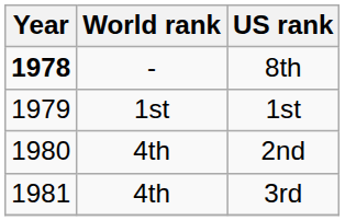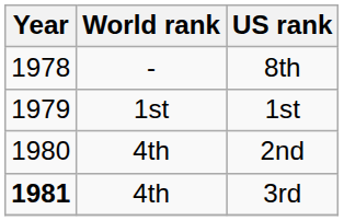 <table class=wikitable>
 <tr>
 <th>Year</th>
 <th>World rank</th>
 <th>US rank</th>
 </tr>
 <tr>
-<td><strong>1978</strong></td>
+<td>1978</td>
 <td align="center">-</td>
 <td align="center">8th</td>
 </tr>
 <tr>
 <td>1979</td>
 <td align="center">1st</td>
 <td align="center">1st</td>
 </tr>
 <tr>
 <td>1980</td>
 <td align="center">4th</td>
 <td align="center">2nd</td>
 </tr>
 <tr>
-<td>1981</td>
+<td><strong>1981</strong></td>
 <td align="center">4th</td>
 <td align="center">3rd</td>
 </tr>
 <tr>
 </tr>
 </table>
